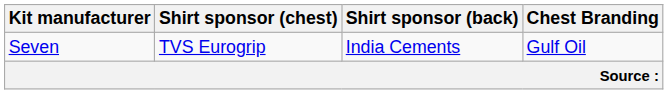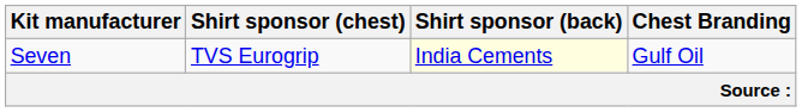 <table class="wikitable">
 <tr>
 <th>Kit manufacturer</th>
 <th>Shirt sponsor (chest)</th>
 <th>Shirt sponsor (back)</th>
 <th>Chest Branding</th>
 </tr>
 <tr>
 <td><a href='#'>Seven</a></td>
 <td><a href='#'>TVS Eurogrip</a></td>
-<td><a href='#'>India Cements</a></td>
+<td style="background: lightyellow;"><a href='#'>India Cements</a></td>
 <td><a href='#'>Gulf Oil</a></td>
 </tr>
 <tr>
 <th colspan="4" style="text-align:right;"><small> Source :</small></th>
 </tr>
 </table>
